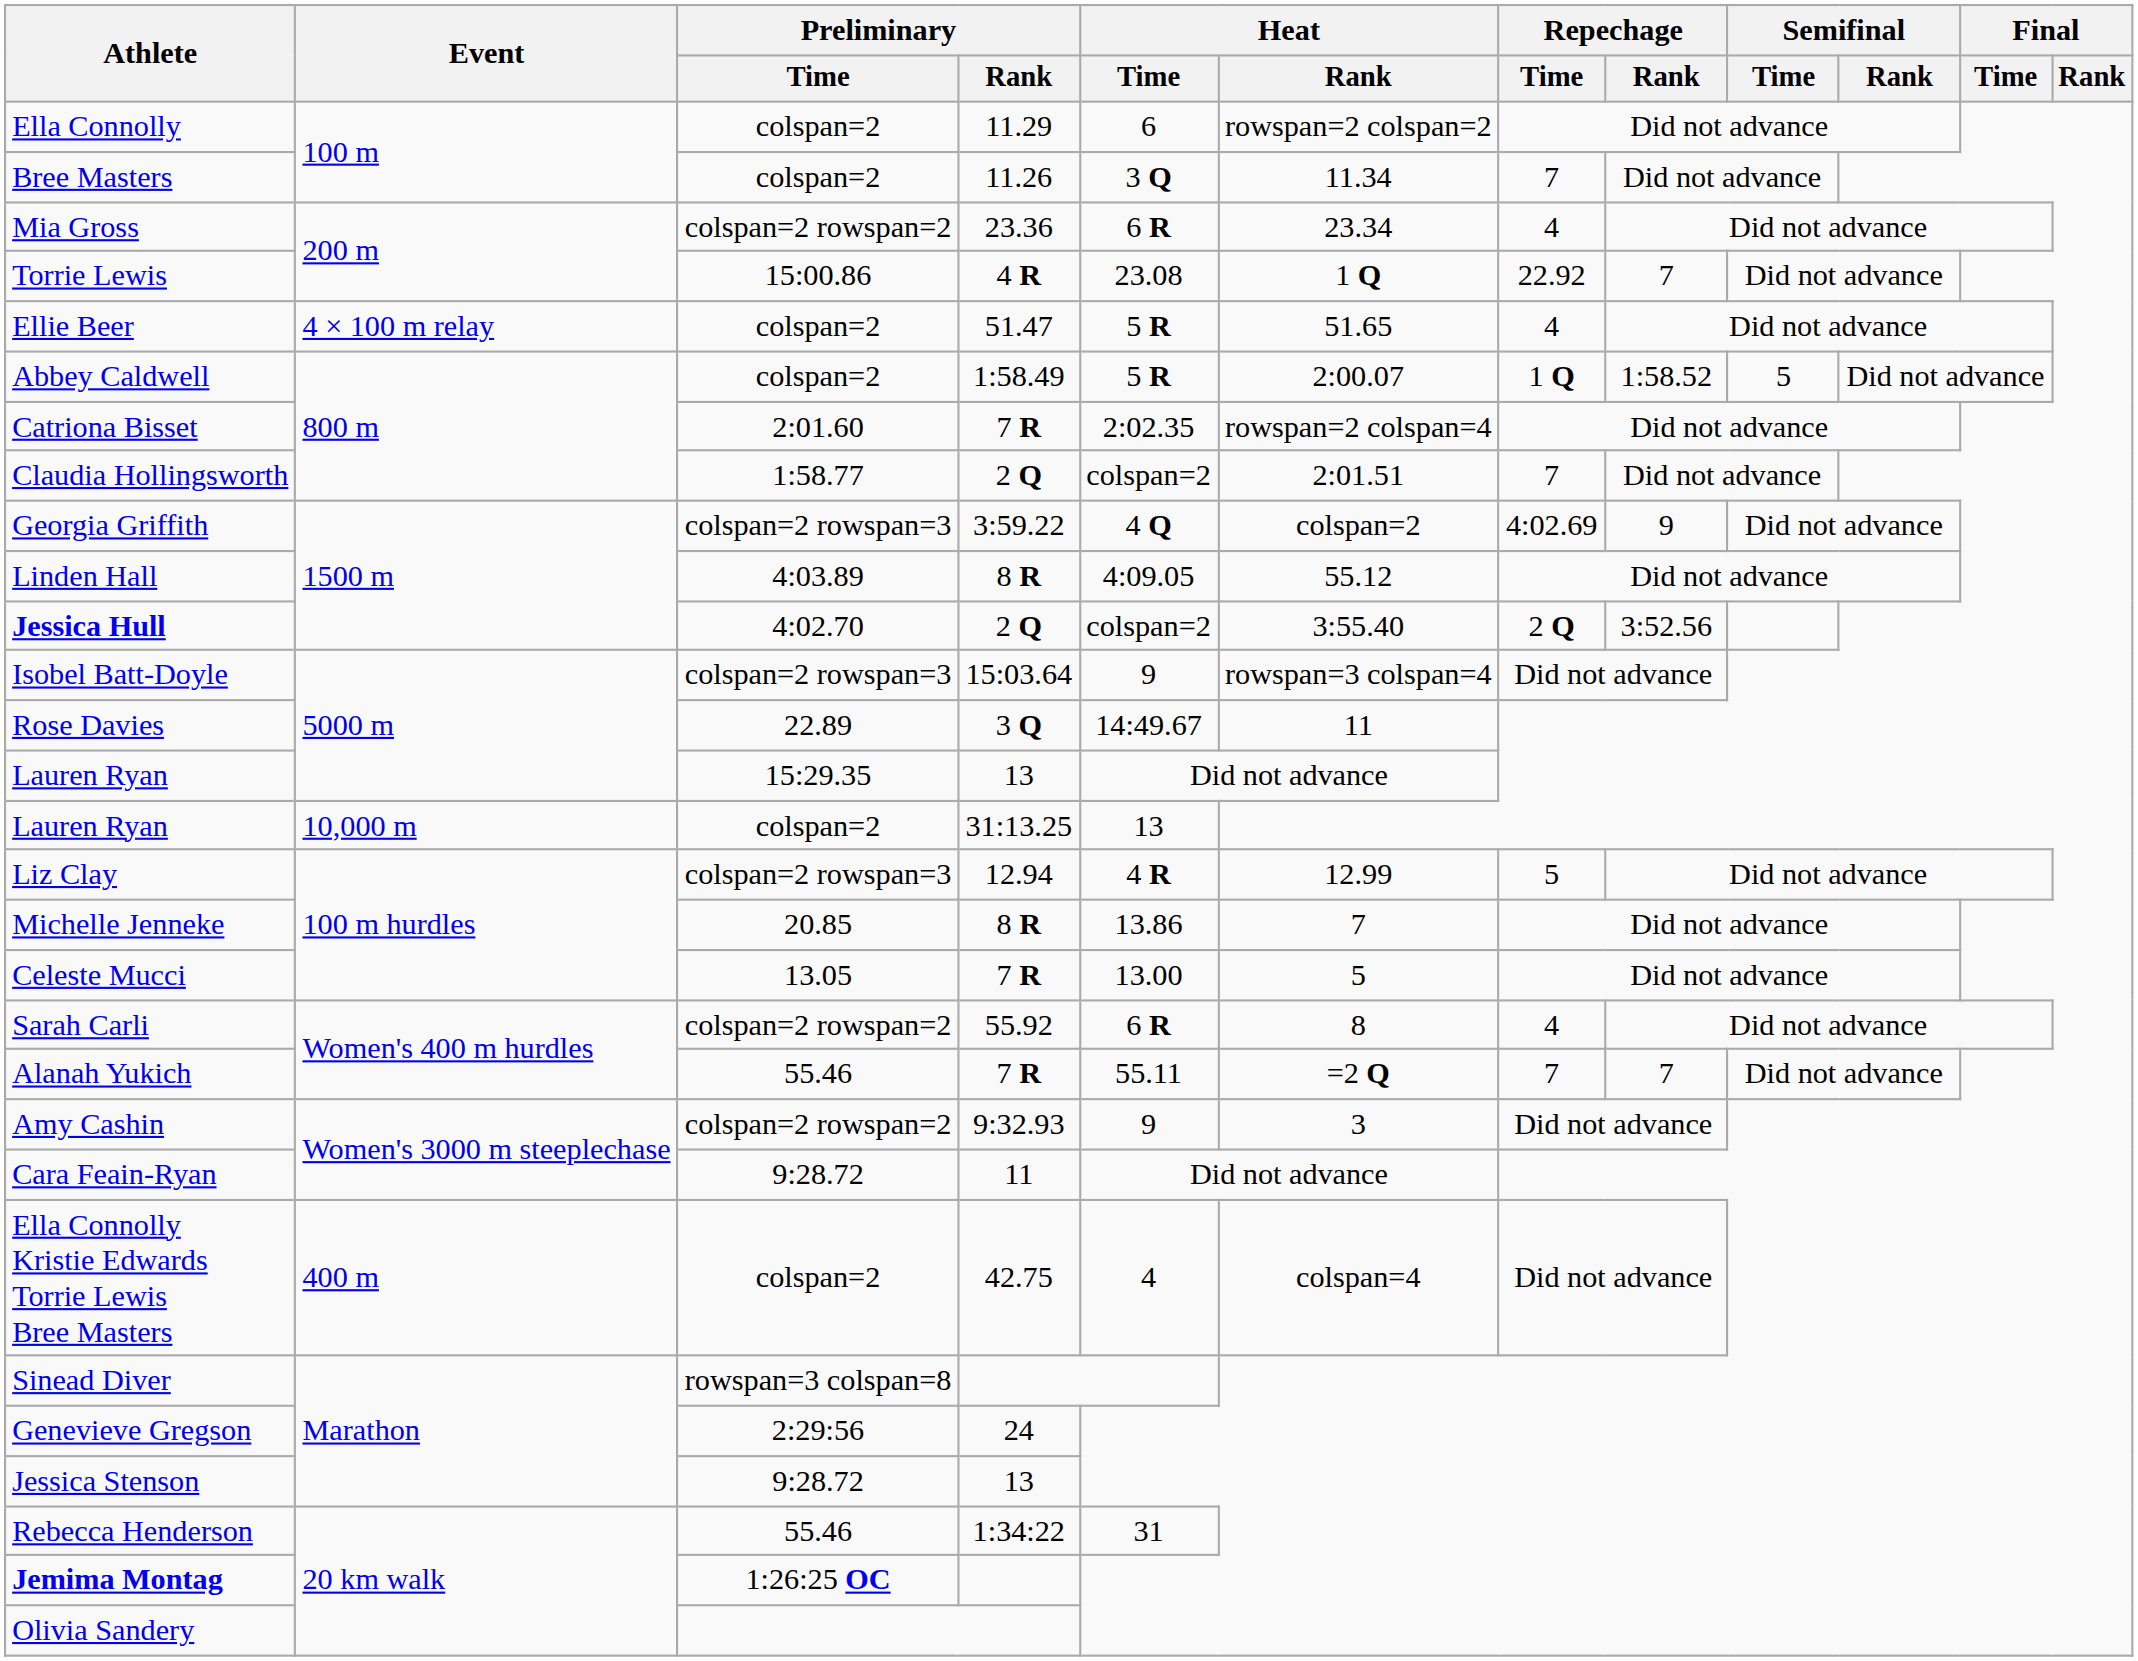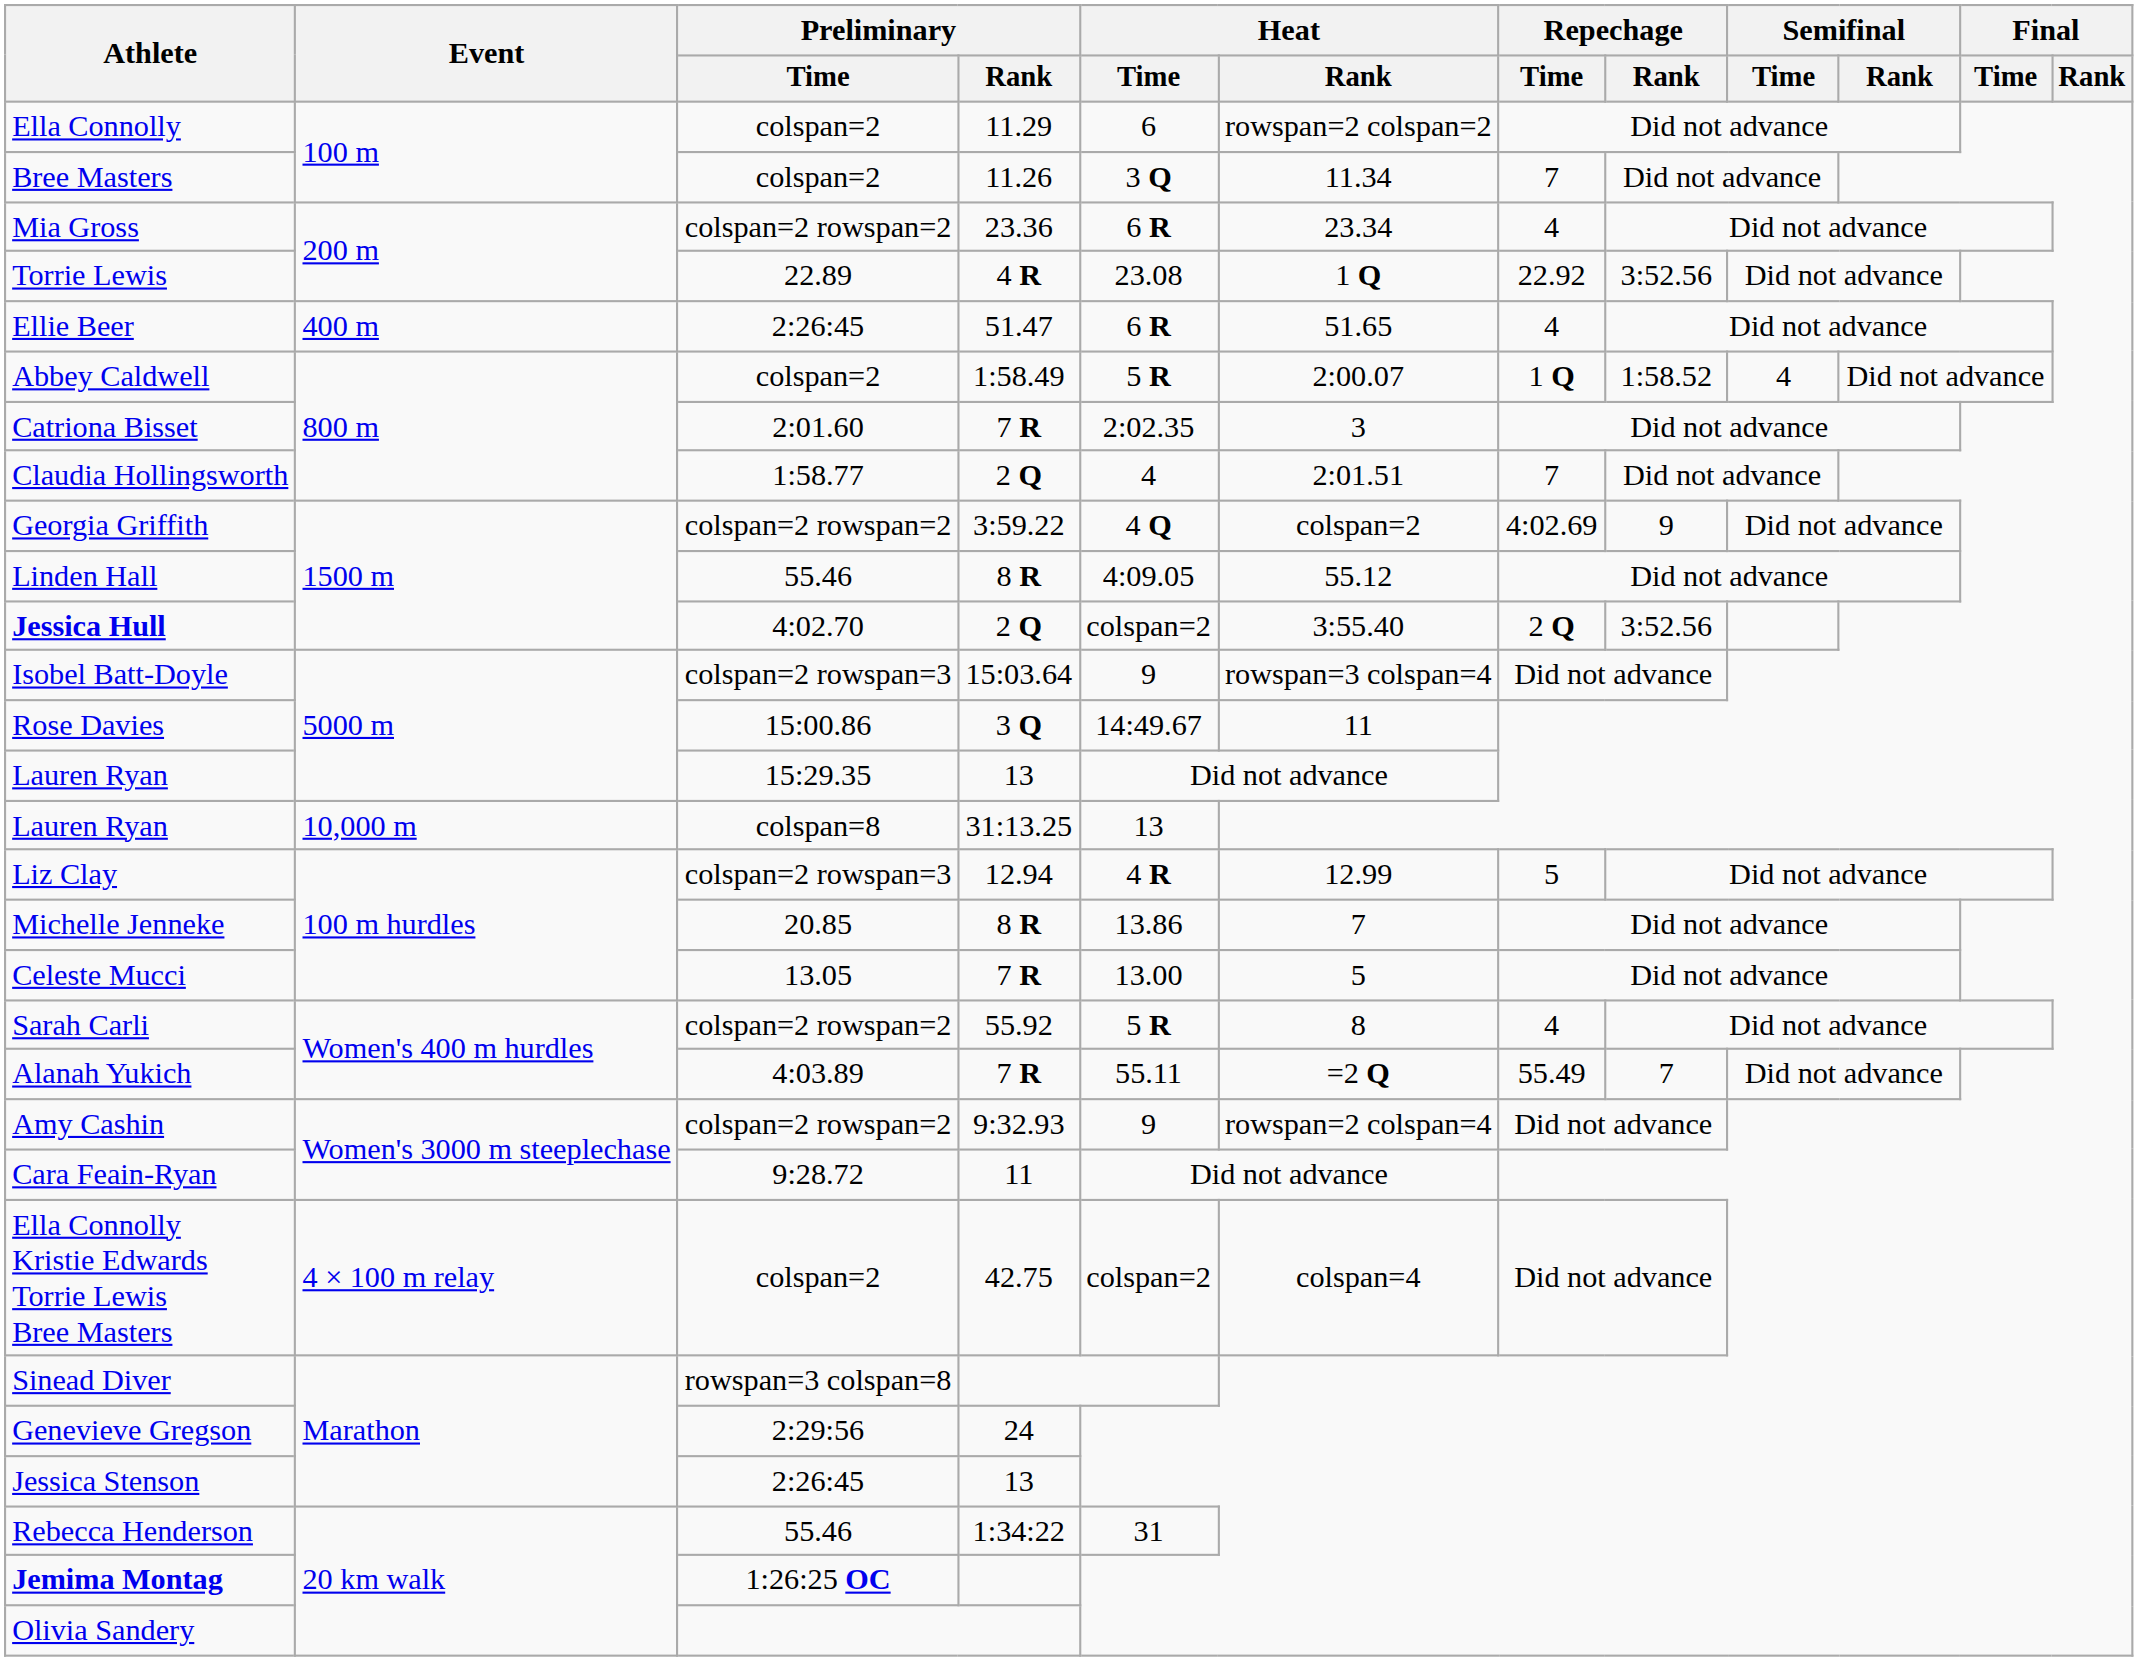 <table class=wikitable style=font-size:90%;text-align:center>
 <tr>
 <th rowspan=2>Athlete</th>
 <th rowspan=2>Event</th>
 <th colspan=2>Preliminary</th>
 <th colspan=2>Heat</th>
 <th colspan=2>Repechage</th>
 <th colspan=2>Semifinal</th>
 <th colspan=2>Final</th>
 </tr>
 <tr style=font-size:95%>
 <th>Time</th>
 <th>Rank</th>
 <th>Time</th>
 <th>Rank</th>
 <th>Time</th>
 <th>Rank</th>
 <th>Time</th>
 <th>Rank</th>
 <th>Time</th>
 <th>Rank</th>
 </tr>
 <tr>
 <td align=left><a href='#'>Ella Connolly</a></td>
 <td align=left rowspan=2><a href='#'>100 m</a></td>
 <td>colspan=2 </td>
 <td>11.29</td>
 <td>6</td>
 <td>rowspan=2 colspan=2 </td>
 <td colspan=4>Did not advance</td>
 </tr>
 <tr>
 <td align=left><a href='#'>Bree Masters</a></td>
 <td>colspan=2 </td>
 <td>11.26</td>
 <td>3 <strong>Q</strong></td>
 <td>11.34</td>
 <td>7</td>
 <td colspan=2>Did not advance</td>
 </tr>
 <tr>
 <td align=left><a href='#'>Mia Gross</a></td>
 <td align=left rowspan=2><a href='#'>200 m</a></td>
 <td>colspan=2 rowspan=2 </td>
 <td>23.36</td>
 <td>6 <strong>R</strong></td>
 <td>23.34</td>
 <td>4</td>
 <td colspan=4>Did not advance</td>
 </tr>
 <tr>
 <td align=left><a href='#'>Torrie Lewis</a></td>
-<td>15:00.86</td>
+<td>22.89</td>
 <td>4 <strong>R</strong></td>
 <td>23.08</td>
 <td>1 <strong>Q</strong></td>
 <td>22.92</td>
-<td>7</td>
+<td>3:52.56</td>
 <td colspan=2>Did not advance</td>
 </tr>
 <tr>
 <td align=left><a href='#'>Ellie Beer</a></td>
-<td align=left><a href='#'>4 × 100 m relay</a></td>
-<td>colspan=2 </td>
+<td align=left><a href='#'>400 m</a></td>
+<td>2:26:45</td>
 <td>51.47</td>
-<td>5 <strong>R</strong></td>
+<td>6 <strong>R</strong></td>
 <td>51.65</td>
 <td>4</td>
 <td colspan=4>Did not advance</td>
 </tr>
 <tr>
 <td align=left><a href='#'>Abbey Caldwell</a></td>
 <td align=left rowspan=3><a href='#'>800 m</a></td>
 <td>colspan=2 </td>
 <td>1:58.49</td>
 <td>5 <strong>R</strong></td>
 <td>2:00.07</td>
 <td>1 <strong>Q</strong></td>
 <td>1:58.52</td>
-<td>5</td>
+<td>4</td>
 <td colspan=2>Did not advance</td>
 </tr>
 <tr>
 <td align=left><a href='#'>Catriona Bisset</a></td>
 <td>2:01.60</td>
 <td>7 <strong>R</strong></td>
 <td>2:02.35</td>
-<td>rowspan=2 colspan=4 </td>
+<td>3</td>
 <td colspan=4>Did not advance</td>
 </tr>
 <tr>
 <td align=left><a href='#'>Claudia Hollingsworth</a></td>
 <td>1:58.77</td>
 <td>2 <strong>Q</strong></td>
-<td>colspan=2 </td>
+<td>4</td>
 <td>2:01.51</td>
 <td>7</td>
 <td colspan=2>Did not advance</td>
 </tr>
 <tr>
 <td align=left><a href='#'>Georgia Griffith</a></td>
 <td align=left rowspan=3><a href='#'>1500 m</a></td>
-<td>colspan=2 rowspan=3 </td>
+<td>colspan=2 rowspan=2 </td>
 <td>3:59.22</td>
 <td>4 <strong>Q</strong></td>
 <td>colspan=2 </td>
 <td>4:02.69</td>
 <td>9</td>
 <td colspan=2>Did not advance</td>
 </tr>
 <tr>
 <td align=left><a href='#'>Linden Hall</a></td>
-<td>4:03.89</td>
+<td>55.46</td>
 <td>8 <strong>R</strong></td>
 <td>4:09.05</td>
 <td>55.12</td>
 <td colspan=4>Did not advance</td>
 </tr>
 <tr>
 <td align=left><strong><a href='#'>Jessica Hull</a></strong></td>
 <td>4:02.70</td>
 <td>2 <strong>Q</strong></td>
 <td>colspan=2 </td>
 <td>3:55.40</td>
 <td>2 <strong>Q</strong></td>
 <td>3:52.56</td>
 <td></td>
 </tr>
 <tr>
 <td align=left><a href='#'>Isobel Batt-Doyle</a></td>
 <td align=left rowspan=3><a href='#'>5000 m</a></td>
 <td>colspan=2 rowspan=3 </td>
 <td>15:03.64</td>
 <td>9</td>
 <td>rowspan=3 colspan=4 </td>
 <td colspan=2>Did not advance</td>
 </tr>
 <tr>
 <td align=left><a href='#'>Rose Davies</a></td>
-<td>22.89</td>
+<td>15:00.86</td>
 <td>3 <strong>Q</strong></td>
 <td>14:49.67</td>
 <td>11</td>
 </tr>
 <tr>
 <td align=left><a href='#'>Lauren Ryan</a></td>
 <td>15:29.35</td>
 <td>13</td>
 <td colspan=2>Did not advance</td>
 </tr>
 <tr>
 <td align=left><a href='#'>Lauren Ryan</a></td>
 <td align=left><a href='#'>10,000 m</a></td>
-<td>colspan=2 </td>
+<td>colspan=8 </td>
 <td>31:13.25</td>
 <td>13</td>
 </tr>
 <tr>
 <td align=left><a href='#'>Liz Clay</a></td>
 <td align=left rowspan=3><a href='#'>100 m hurdles</a></td>
 <td>colspan=2 rowspan=3 </td>
 <td>12.94</td>
 <td>4 <strong>R</strong></td>
 <td>12.99</td>
 <td>5</td>
 <td colspan=4>Did not advance</td>
 </tr>
 <tr>
 <td align=left><a href='#'>Michelle Jenneke</a></td>
 <td>20.85</td>
 <td>8 <strong>R</strong></td>
 <td>13.86</td>
 <td>7</td>
 <td colspan=4>Did not advance</td>
 </tr>
 <tr>
 <td align=left><a href='#'>Celeste Mucci</a></td>
 <td>13.05</td>
 <td>7 <strong>R</strong></td>
 <td>13.00</td>
 <td>5</td>
 <td colspan=4>Did not advance</td>
 </tr>
 <tr>
 <td align=left><a href='#'>Sarah Carli</a></td>
 <td align=left rowspan=2><a href='#'>Women's 400 m hurdles</a></td>
 <td>colspan=2 rowspan=2 </td>
 <td>55.92</td>
-<td>6 <strong>R</strong></td>
+<td>5 <strong>R</strong></td>
 <td>8</td>
 <td>4</td>
 <td colspan=4>Did not advance</td>
 </tr>
 <tr>
 <td align=left><a href='#'>Alanah Yukich</a></td>
-<td>55.46</td>
+<td>4:03.89</td>
 <td>7 <strong>R</strong></td>
 <td>55.11</td>
 <td>=2 <strong>Q</strong></td>
-<td>7</td>
+<td>55.49</td>
 <td>7</td>
 <td colspan=2>Did not advance</td>
 </tr>
 <tr>
 <td align=left><a href='#'>Amy Cashin</a></td>
 <td align=left rowspan=2><a href='#'>Women's 3000 m steeplechase</a></td>
 <td>colspan=2 rowspan=2 </td>
 <td>9:32.93</td>
 <td>9</td>
-<td>3</td>
+<td>rowspan=2 colspan=4 </td>
 <td colspan=2>Did not advance</td>
 </tr>
 <tr>
 <td align=left><a href='#'>Cara Feain-Ryan</a></td>
 <td>9:28.72</td>
 <td>11</td>
 <td colspan=2>Did not advance</td>
 </tr>
 <tr>
 <td align=left><a href='#'>Ella Connolly</a> <br> <a href='#'>Kristie Edwards</a> <br> <a href='#'>Torrie Lewis</a> <br> <a href='#'>Bree Masters</a></td>
-<td align=left><a href='#'>400 m</a></td>
+<td align=left><a href='#'>4 × 100 m relay</a></td>
 <td>colspan=2 </td>
 <td>42.75</td>
-<td>4</td>
+<td>colspan=2 </td>
 <td>colspan=4 </td>
 <td colspan=2>Did not advance</td>
 </tr>
 <tr>
 <td align=left><a href='#'>Sinead Diver</a></td>
 <td align=left rowspan=3><a href='#'>Marathon</a></td>
 <td>rowspan=3 colspan=8 </td>
 <td colspan=2></td>
 </tr>
 <tr>
 <td align=left><a href='#'>Genevieve Gregson</a></td>
 <td>2:29:56</td>
 <td>24</td>
 </tr>
 <tr>
 <td align=left><a href='#'>Jessica Stenson</a></td>
-<td>9:28.72</td>
+<td>2:26:45</td>
 <td>13</td>
 </tr>
 <tr>
 <td align=left><a href='#'>Rebecca Henderson</a></td>
 <td align=left rowspan=3><a href='#'>20 km walk</a></td>
 <td>55.46</td>
 <td>1:34:22</td>
 <td>31</td>
 </tr>
 <tr>
 <td align=left><strong><a href='#'>Jemima Montag</a></strong></td>
 <td>1:26:25 <strong><a href='#'>OC</a></strong></td>
 <td></td>
 </tr>
 <tr>
 <td align=left><a href='#'>Olivia Sandery</a></td>
 <td colspan=2></td>
 </tr>
 </table>
